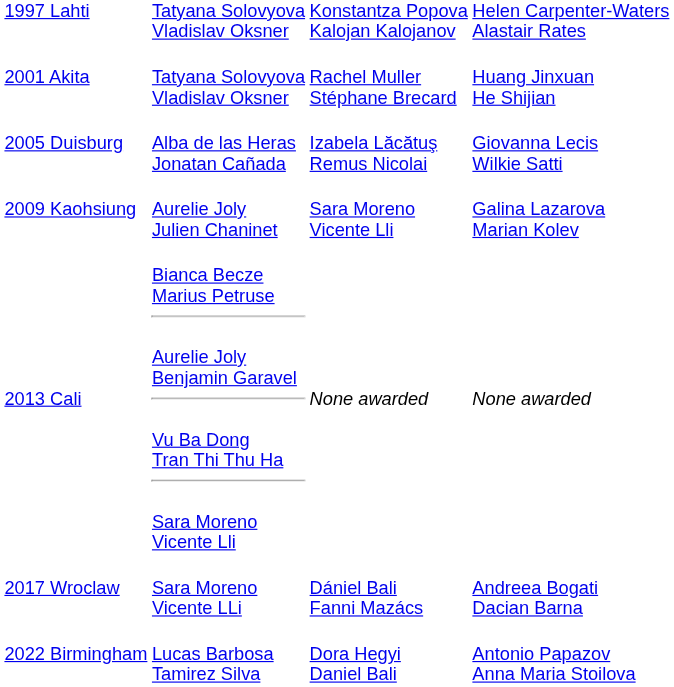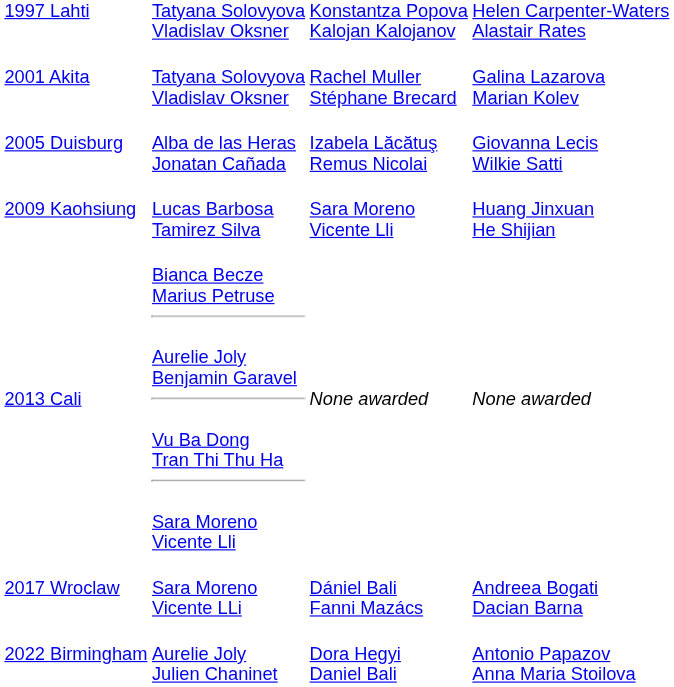 <table>
 <tr>
 <td><a href='#'>1997 Lahti</a></td>
 <td><br><a href='#'>Tatyana Solovyova</a><br><a href='#'>Vladislav Oksner</a></td>
 <td><br><a href='#'>Konstantza Popova</a><br><a href='#'>Kalojan Kalojanov</a></td>
 <td><br><a href='#'>Helen Carpenter-Waters</a><br><a href='#'>Alastair Rates</a></td>
 </tr>
 <tr>
 <td><a href='#'>2001 Akita</a></td>
 <td><br><a href='#'>Tatyana Solovyova</a><br><a href='#'>Vladislav Oksner</a></td>
 <td><br><a href='#'>Rachel Muller</a><br><a href='#'>Stéphane Brecard</a></td>
-<td><br><a href='#'>Huang Jinxuan</a><br><a href='#'>He Shijian</a></td>
+<td><br><a href='#'>Galina Lazarova</a><br><a href='#'>Marian Kolev</a></td>
 </tr>
 <tr>
 <td><a href='#'>2005 Duisburg</a></td>
 <td><br><a href='#'>Alba de las Heras</a><br><a href='#'>Jonatan Cañada</a></td>
 <td><br><a href='#'>Izabela Lăcătuş</a><br><a href='#'>Remus Nicolai</a></td>
 <td><br><a href='#'>Giovanna Lecis</a><br><a href='#'>Wilkie Satti</a></td>
 </tr>
 <tr>
 <td><a href='#'>2009 Kaohsiung</a></td>
-<td><br><a href='#'>Aurelie Joly</a><br><a href='#'>Julien Chaninet</a></td>
+<td><br><a href='#'>Lucas Barbosa</a><br><a href='#'>Tamirez Silva</a></td>
 <td><br><a href='#'>Sara Moreno</a><br><a href='#'>Vicente Lli</a></td>
-<td><br><a href='#'>Galina Lazarova</a><br><a href='#'>Marian Kolev</a></td>
+<td><br><a href='#'>Huang Jinxuan</a><br><a href='#'>He Shijian</a></td>
 </tr>
 <tr>
 <td><a href='#'>2013 Cali</a></td>
 <td><br><a href='#'>Bianca Becze</a><br><a href='#'>Marius Petruse</a><hr><br><a href='#'>Aurelie Joly</a><br><a href='#'>Benjamin Garavel</a><hr><br><a href='#'>Vu Ba Dong</a><br><a href='#'>Tran Thi Thu Ha</a><hr><br><a href='#'>Sara Moreno</a><br><a href='#'>Vicente Lli</a></td>
 <td><em>None awarded</em></td>
 <td><em>None awarded</em></td>
 </tr>
 <tr>
 <td><a href='#'>2017 Wroclaw</a></td>
 <td><br><a href='#'>Sara Moreno</a><br><a href='#'>Vicente LLi</a></td>
 <td><br><a href='#'>Dániel Bali</a><br><a href='#'>Fanni Mazács</a></td>
 <td><br><a href='#'>Andreea Bogati</a><br><a href='#'>Dacian Barna</a></td>
 </tr>
 <tr>
 <td><a href='#'>2022 Birmingham</a></td>
-<td><br><a href='#'>Lucas Barbosa</a><br><a href='#'>Tamirez Silva</a></td>
+<td><br><a href='#'>Aurelie Joly</a><br><a href='#'>Julien Chaninet</a></td>
 <td><br><a href='#'>Dora Hegyi</a><br><a href='#'>Daniel Bali</a></td>
 <td><br><a href='#'>Antonio Papazov</a><br><a href='#'>Anna Maria Stoilova</a></td>
 </tr>
 </table>
